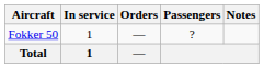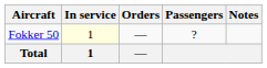 <table class="wikitable" style="margin:0.5em auto; text-align:center">
 <tr>
 <th>Aircraft</th>
 <th>In service</th>
 <th>Orders</th>
 <th>Passengers</th>
 <th>Notes</th>
 </tr>
 <tr>
 <td><a href='#'>Fokker 50</a></td>
-<td>1</td>
+<td style="background: lightyellow;">1</td>
 <td>—</td>
 <td>?</td>
 <td></td>
 </tr>
 <tr>
 <th>Total</th>
 <th>1</th>
 <th>—</th>
 <th colspan="2"></th>
 </tr>
 </table>
